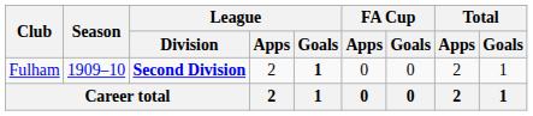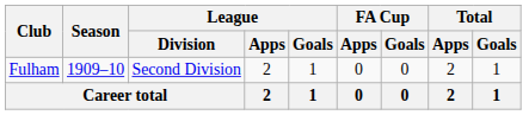 <table class="wikitable" style="text-align: center;">
 <tr>
 <th rowspan="2">Club</th>
 <th rowspan="2">Season</th>
 <th colspan="3">League</th>
 <th colspan="2">FA Cup</th>
 <th colspan="2">Total</th>
 </tr>
 <tr>
 <th>Division</th>
 <th>Apps</th>
 <th>Goals</th>
 <th>Apps</th>
 <th>Goals</th>
 <th>Apps</th>
 <th>Goals</th>
 </tr>
 <tr>
 <td><a href='#'>Fulham</a></td>
 <td><a href='#'>1909–10</a></td>
-<td><strong><a href='#'>Second Division</a></strong></td>
+<td><a href='#'>Second Division</a></td>
 <td>2</td>
-<td><strong>1</strong></td>
+<td>1</td>
 <td>0</td>
 <td>0</td>
 <td>2</td>
 <td>1</td>
 </tr>
 <tr>
 <th colspan="3">Career total</th>
 <th>2</th>
 <th>1</th>
 <th>0</th>
 <th>0</th>
 <th>2</th>
 <th>1</th>
 </tr>
 </table>
